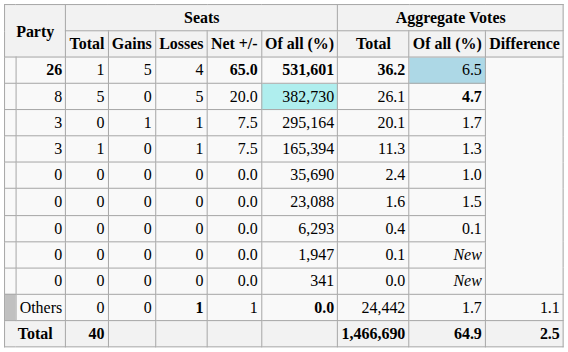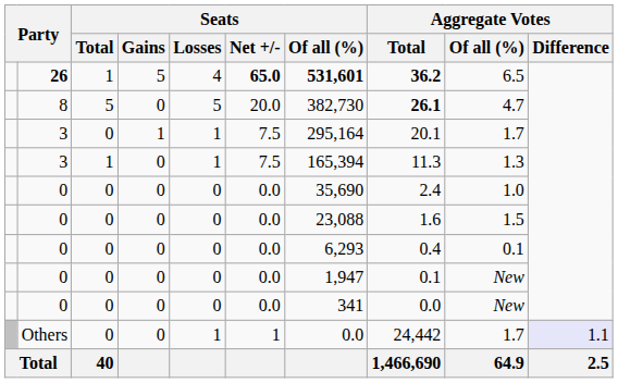 <table class="wikitable sortable" style="text-align:right; font-size:95%;">
 <tr>
 <th colspan="2" rowspan="2">Party</th>
 <th colspan="5">Seats</th>
 <th colspan="3">Aggregate Votes</th>
 </tr>
 <tr>
 <th>Total</th>
 <th>Gains</th>
 <th>Losses</th>
 <th>Net +/-</th>
 <th>Of all (%)</th>
 <th>Total</th>
 <th>Of all (%)</th>
 <th>Difference</th>
 </tr>
 <tr>
 <td></td>
 <td><strong>26</strong></td>
 <td>1</td>
 <td>5</td>
 <td>4</td>
 <td><strong>65.0</strong></td>
 <td><strong>531,601</strong></td>
 <td><strong>36.2</strong></td>
-<td style="background: lightblue;">6.5</td>
+<td>6.5</td>
 </tr>
 <tr>
 <td></td>
 <td>8</td>
 <td>5</td>
 <td>0</td>
 <td>5</td>
 <td>20.0</td>
-<td style="background: paleturquoise;">382,730</td>
-<td>26.1</td>
-<td><strong>4.7</strong></td>
+<td>382,730</td>
+<td><strong>26.1</strong></td>
+<td>4.7</td>
 </tr>
 <tr>
 <td></td>
 <td>3</td>
 <td>0</td>
 <td>1</td>
 <td>1</td>
 <td>7.5</td>
 <td>295,164</td>
 <td>20.1</td>
 <td>1.7</td>
 </tr>
 <tr>
 <td></td>
 <td>3</td>
 <td>1</td>
 <td>0</td>
 <td>1</td>
 <td>7.5</td>
 <td>165,394</td>
 <td>11.3</td>
 <td>1.3</td>
 </tr>
 <tr>
 <td></td>
 <td>0</td>
 <td>0</td>
 <td>0</td>
 <td>0</td>
 <td>0.0</td>
 <td>35,690</td>
 <td>2.4</td>
 <td>1.0</td>
 </tr>
 <tr>
 <td></td>
 <td>0</td>
 <td>0</td>
 <td>0</td>
 <td>0</td>
 <td>0.0</td>
 <td>23,088</td>
 <td>1.6</td>
 <td>1.5</td>
 </tr>
 <tr>
 <td></td>
 <td>0</td>
 <td>0</td>
 <td>0</td>
 <td>0</td>
 <td>0.0</td>
 <td>6,293</td>
 <td>0.4</td>
 <td>0.1</td>
 </tr>
 <tr>
 <td></td>
 <td>0</td>
 <td>0</td>
 <td>0</td>
 <td>0</td>
 <td>0.0</td>
 <td>1,947</td>
 <td>0.1</td>
 <td><em>New</em></td>
 </tr>
 <tr>
 <td></td>
 <td>0</td>
 <td>0</td>
 <td>0</td>
 <td>0</td>
 <td>0.0</td>
 <td>341</td>
 <td>0.0</td>
 <td><em>New</em></td>
 </tr>
 <tr>
 <td style="background:silver;"> </td>
 <td align=left>Others</td>
 <td>0</td>
 <td>0</td>
-<td><strong>1</strong></td>
 <td>1</td>
-<td><strong>0.0</strong></td>
+<td>1</td>
+<td>0.0</td>
 <td>24,442</td>
 <td>1.7</td>
-<td>1.1</td>
+<td style="background: lavender;">1.1</td>
 </tr>
 <tr class="sortbottom">
 <th colspan="2" style="background:#f2f2f2"><strong>Total</strong></th>
 <td style="background:#f2f2f2;"><strong>40</strong></td>
 <td style="background:#f2f2f2;"></td>
 <td style="background:#f2f2f2;"></td>
 <td style="background:#f2f2f2;"></td>
 <td style="background:#f2f2f2;"></td>
 <td style="background:#f2f2f2;"><strong>1,466,690</strong></td>
 <td style="background:#f2f2f2;"><strong>64.9</strong></td>
 <td style="background:#f2f2f2;"><strong>2.5</strong></td>
 </tr>
 </table>
